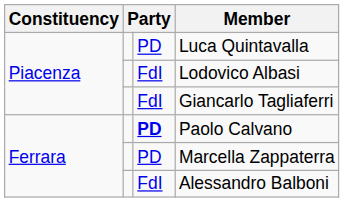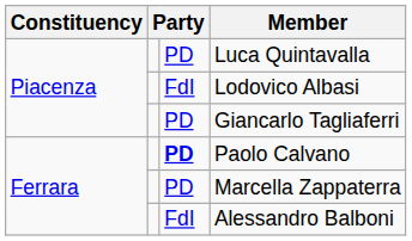 <table class="wikitable" style="font-size:90%">
 <tr>
 <th>Constituency</th>
 <th colspan=2>Party</th>
 <th>Member</th>
 </tr>
 <tr>
 <td rowspan="3"><a href='#'>Piacenza</a></td>
 <td style="background:"></td>
 <td><a href='#'>PD</a></td>
 <td>Luca Quintavalla</td>
 </tr>
 <tr>
 <td style="background:"></td>
 <td><a href='#'>FdI</a></td>
 <td>Lodovico Albasi</td>
 </tr>
 <tr>
 <td style="background:"></td>
-<td><a href='#'>FdI</a></td>
+<td><a href='#'>PD</a></td>
 <td>Giancarlo Tagliaferri</td>
 </tr>
 <tr>
 <td rowspan="3"><a href='#'>Ferrara</a></td>
 <td style="background:"></td>
 <td><strong><a href='#'>PD</a></strong></td>
 <td>Paolo Calvano</td>
 </tr>
 <tr>
 <td style="background:"></td>
 <td><a href='#'>PD</a></td>
 <td>Marcella Zappaterra</td>
 </tr>
 <tr>
 <td style="background:"></td>
 <td><a href='#'>FdI</a></td>
 <td>Alessandro Balboni</td>
 </tr>
 </table>
